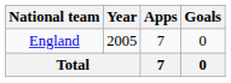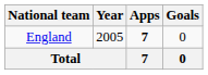 <table class=wikitable style="text-align: center;">
 <tr>
 <th>National team</th>
 <th>Year</th>
 <th>Apps</th>
 <th>Goals</th>
 </tr>
 <tr>
 <td><a href='#'>England</a></td>
 <td>2005</td>
-<td>7</td>
+<td><strong>7</strong></td>
 <td>0</td>
 </tr>
 <tr>
 <th colspan="2">Total</th>
 <th>7</th>
 <th>0</th>
 </tr>
 </table>
